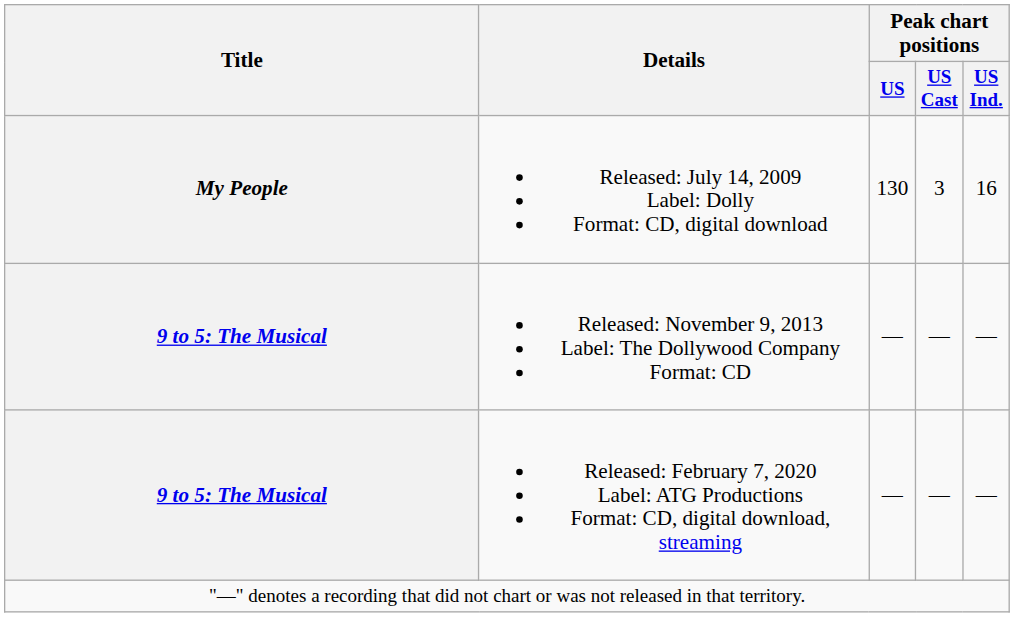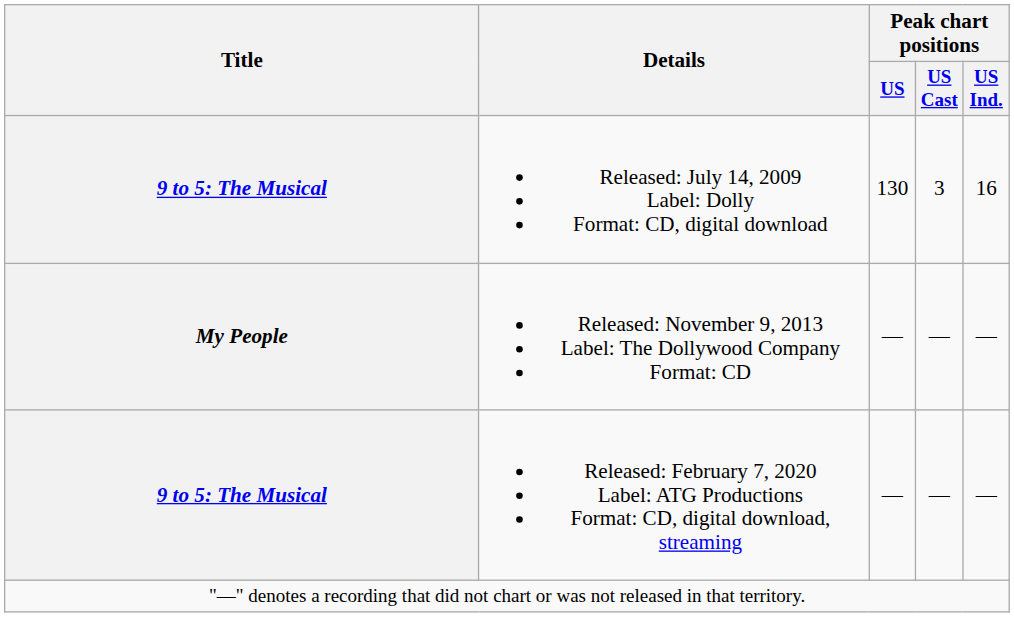 <table class="wikitable plainrowheaders" style="text-align:center;">
 <tr>
 <th style="width:22em;" rowspan = "2">Title</th>
 <th style="width:18em;" rowspan = "2">Details</th>
 <th colspan = "3">Peak chart positions</th>
 </tr>
 <tr>
 <th scope="col" style="width:2em;font-size:90%;"><a href='#'>US</a><br></th>
 <th scope="col" style="width:2em;font-size:90%;"><a href='#'>US<br>Cast</a><br></th>
 <th scope="col" style="width:2em;font-size:90%;"><a href='#'>US<br>Ind.</a><br></th>
 </tr>
 <tr>
-<th scope="row"><em>My People</em><br></th>
+<th scope="row"><em><a href='#'>9 to 5: The Musical</a></em><br></th>
 <td><br><ul><li>Released: July 14, 2009</li><li>Label: Dolly</li><li>Format: CD, digital download</li></ul></td>
 <td>130</td>
 <td>3</td>
 <td>16</td>
 </tr>
 <tr>
-<th scope="row"><em><a href='#'>9 to 5: The Musical</a></em><br></th>
+<th scope="row"><em>My People</em><br></th>
 <td><br><ul><li>Released: November 9, 2013</li><li>Label: The Dollywood Company</li><li>Format: CD</li></ul></td>
 <td>—</td>
 <td>—</td>
 <td>—</td>
 </tr>
 <tr>
 <th scope="row"><em><a href='#'>9 to 5: The Musical</a></em><br></th>
 <td><br><ul><li>Released: February 7, 2020</li><li>Label: ATG Productions</li><li>Format: CD, digital download, <a href='#'>streaming</a></li></ul></td>
 <td>—</td>
 <td>—</td>
 <td>—</td>
 </tr>
 <tr>
 <td colspan="5" style="font-size:90%">"—" denotes a recording that did not chart or was not released in that territory.</td>
 </tr>
 </table>
